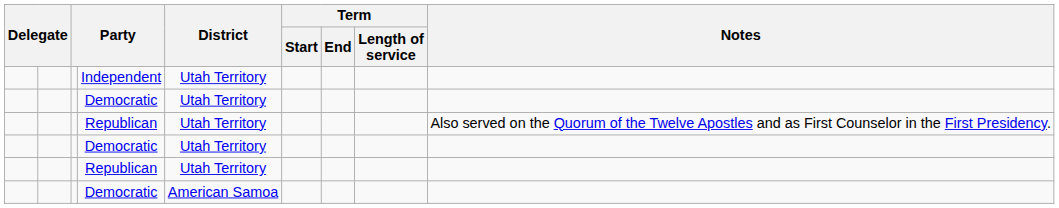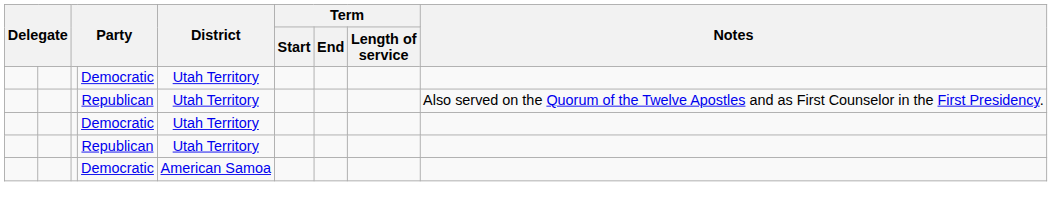 <table class="wikitable sortable" style="text-align:center">
 <tr>
 <th rowspan=2 colspan=2>Delegate</th>
 <th rowspan=2 colspan=2>Party</th>
 <th rowspan=2>District</th>
 <th colspan="3">Term</th>
 <th rowspan=2>Notes</th>
 </tr>
 <tr>
 <th>Start</th>
 <th>End</th>
 <th>Length of<br>service</th>
-</tr>
-<tr>
-<td data-sort-value="Bernhisel, John Milton"></td>
-<td><strong></strong></td>
-<td style="background-color:"></td>
-<td><a href='#'>Independent</a></td>
-<td><a href='#'>Utah Territory</a></td>
-<td></td>
-<td></td>
-<td></td>
-<td></td>
 </tr>
 <tr>
 <td data-sort-value="Hooper, William Henry"></td>
 <td><strong></strong></td>
 <td style="background-color:"></td>
 <td><a href='#'>Democratic</a></td>
 <td><a href='#'>Utah Territory</a></td>
 <td></td>
 <td></td>
 <td></td>
 <td></td>
 </tr>
 <tr>
 <td data-sort-value="Cannon, George Q."></td>
 <td><strong></strong></td>
 <td style="background-color:"></td>
 <td><a href='#'>Republican</a></td>
 <td><a href='#'>Utah Territory</a></td>
 <td></td>
 <td></td>
 <td></td>
 <td>Also served on the <a href='#'>Quorum of the Twelve Apostles</a> and as First Counselor in the <a href='#'>First Presidency</a>.</td>
 </tr>
 <tr>
 <td data-sort-value="Caine, John Thomas"></td>
 <td><strong></strong></td>
 <td style="background-color:"></td>
 <td><a href='#'>Democratic</a></td>
 <td><a href='#'>Utah Territory</a></td>
 <td></td>
 <td></td>
 <td></td>
 <td></td>
 </tr>
 <tr>
 <td data-sort-value="Cannon, Frank J."></td>
 <td><strong></strong></td>
 <td style="background-color:"></td>
 <td><a href='#'>Republican</a></td>
 <td><a href='#'>Utah Territory</a></td>
 <td></td>
 <td></td>
 <td></td>
 <td></td>
 </tr>
 <tr>
 <td data-sort-value="Faleomavaega, Eni"></td>
 <td><strong></strong></td>
 <td style="background-color:"></td>
 <td><a href='#'>Democratic</a></td>
 <td><a href='#'>American Samoa</a></td>
 <td></td>
 <td></td>
 <td></td>
 <td></td>
 </tr>
 </table>
